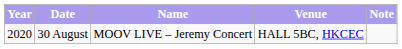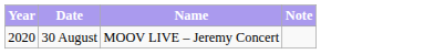 <table class="wikitable">
 <tr>
 <th style="background: #aa9aee; color: white;">Year</th>
 <th style="background: #aa9aee; color: white;">Date</th>
 <th style="background: #aa9aee; color: white;">Name</th>
-<th style="background: #aa9aee; color: white;">Venue</th>
 <th style="background: #aa9aee; color: white;">Note</th>
 </tr>
 <tr>
 <td>2020</td>
 <td>30 August</td>
 <td>MOOV LIVE – Jeremy Concert</td>
-<td>HALL 5BC, <a href='#'>HKCEC</a></td>
 <td></td>
 </tr>
 </table>
